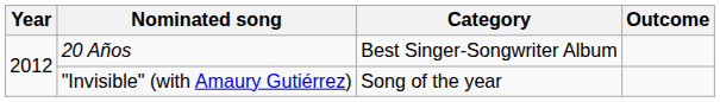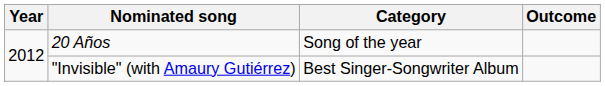 <table class="wikitable" style="font-size:100%;">
 <tr>
 <th>Year</th>
 <th>Nominated song</th>
 <th>Category</th>
 <th>Outcome</th>
 </tr>
 <tr>
 <td rowspan=2>2012</td>
 <td><em>20 Años</em> </td>
-<td>Best Singer-Songwriter Album</td>
+<td>Song of the year</td>
 <td></td>
 </tr>
 <tr>
 <td>"Invisible" (with <a href='#'>Amaury Gutiérrez</a>)</td>
-<td>Song of the year</td>
+<td>Best Singer-Songwriter Album</td>
 <td></td>
 </tr>
 </table>
